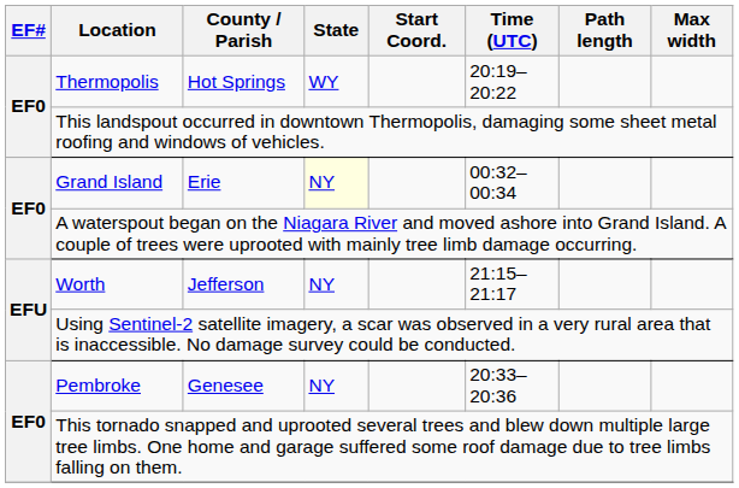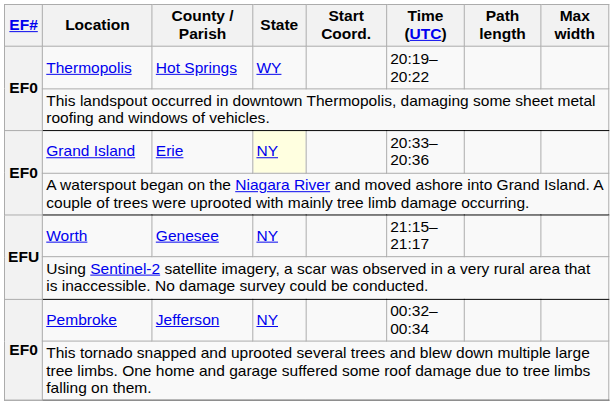 <table class="wikitable sortable" style="width:100%;">
 <tr>
 <th scope="col" width="2%" align="center"><a href='#'>EF#</a></th>
 <th scope="col" align="center" class="unsortable">Location</th>
 <th scope="col" align="center" class="unsortable">County / Parish</th>
 <th scope="col" align="center">State</th>
 <th scope="col" align="center">Start Coord.</th>
 <th scope="col" align="center">Time (<a href='#'>UTC</a>)</th>
 <th scope="col" align="center">Path length</th>
 <th scope="col" align="center">Max width</th>
 </tr>
 <tr>
 <th scope="row" rowspan="2" style="background-color:#">EF0</th>
 <td><a href='#'>Thermopolis</a></td>
 <td><a href='#'>Hot Springs</a></td>
 <td><a href='#'>WY</a></td>
 <td></td>
 <td>20:19–20:22</td>
 <td></td>
 <td></td>
 </tr>
 <tr class="expand-child">
 <td colspan="8" style=" border-bottom: 1px solid black;">This landspout occurred in downtown Thermopolis, damaging some sheet metal roofing and windows of vehicles.</td>
 </tr>
 <tr>
 <th scope="row" rowspan="2" style="background-color:#">EF0</th>
 <td><a href='#'>Grand Island</a></td>
 <td><a href='#'>Erie</a></td>
 <td style="background: lightyellow;"><a href='#'>NY</a></td>
 <td></td>
-<td>00:32–00:34</td>
+<td>20:33–20:36</td>
 <td></td>
 <td></td>
 </tr>
 <tr class="expand-child">
 <td colspan="8" style=" border-bottom: 1px solid black;">A waterspout began on the <a href='#'>Niagara River</a> and moved ashore into Grand Island. A couple of trees were uprooted with mainly tree limb damage occurring.</td>
 </tr>
 <tr>
 <th scope="row" rowspan="2" style="background-color:#">EFU</th>
 <td><a href='#'>Worth</a></td>
-<td><a href='#'>Jefferson</a></td>
+<td><a href='#'>Genesee</a></td>
 <td><a href='#'>NY</a></td>
 <td></td>
 <td>21:15–21:17</td>
 <td></td>
 <td></td>
 </tr>
 <tr class="expand-child">
 <td colspan="8" style=" border-bottom: 1px solid black;">Using <a href='#'>Sentinel-2</a> satellite imagery, a scar was observed in a very rural area that is inaccessible. No damage survey could be conducted.</td>
 </tr>
 <tr>
 <th scope="row" rowspan="2" style="background-color:#">EF0</th>
 <td><a href='#'>Pembroke</a></td>
-<td><a href='#'>Genesee</a></td>
+<td><a href='#'>Jefferson</a></td>
 <td><a href='#'>NY</a></td>
 <td></td>
-<td>20:33–20:36</td>
+<td>00:32–00:34</td>
 <td></td>
 <td></td>
 </tr>
 <tr class="expand-child">
 <td colspan="8" style=" border-bottom: 1px solid black;">This tornado snapped and uprooted several trees and blew down multiple large tree limbs. One home and garage suffered some roof damage due to tree limbs falling on them.</td>
 </tr>
 <tr>
 </tr>
 </table>
